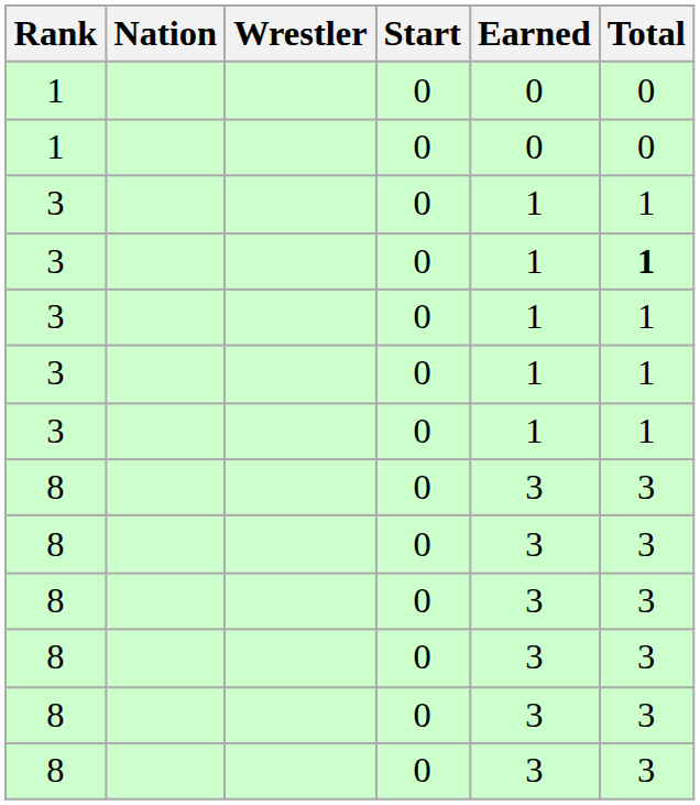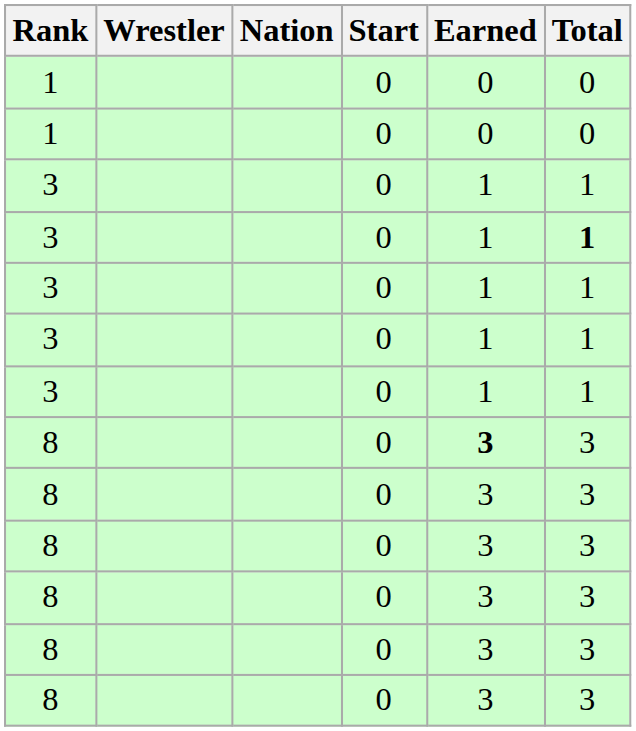 <table class="wikitable sortable" style="text-align:center;">
 <tr>
 <th>Rank</th>
+<th>Wrestler</th>
 <th>Nation</th>
-<th>Wrestler</th>
 <th>Start</th>
 <th>Earned</th>
 <th>Total</th>
 </tr>
 <tr style="background:#cfc;">
 <td>1</td>
 <td align=left></td>
 <td align=left></td>
 <td>0</td>
 <td>0</td>
 <td>0</td>
 </tr>
 <tr style="background:#cfc;">
 <td>1</td>
 <td align=left></td>
 <td align=left></td>
 <td>0</td>
 <td>0</td>
 <td>0</td>
 </tr>
 <tr style="background:#cfc;">
 <td>3</td>
 <td align=left></td>
 <td align=left></td>
 <td>0</td>
 <td>1</td>
 <td>1</td>
 </tr>
 <tr style="background:#cfc;">
 <td>3</td>
 <td align=left></td>
 <td align=left></td>
 <td>0</td>
 <td>1</td>
 <td><strong>1</strong></td>
 </tr>
 <tr style="background:#cfc;">
 <td>3</td>
 <td align=left></td>
 <td align=left></td>
 <td>0</td>
 <td>1</td>
 <td>1</td>
 </tr>
 <tr style="background:#cfc;">
 <td>3</td>
 <td align=left></td>
 <td align=left></td>
 <td>0</td>
 <td>1</td>
 <td>1</td>
 </tr>
 <tr style="background:#cfc;">
 <td>3</td>
 <td align=left></td>
 <td align=left></td>
 <td>0</td>
 <td>1</td>
 <td>1</td>
 </tr>
 <tr style="background:#cfc;">
 <td>8</td>
 <td align=left></td>
 <td align=left></td>
 <td>0</td>
-<td>3</td>
+<td><strong>3</strong></td>
 <td>3</td>
 </tr>
 <tr style="background:#cfc;">
 <td>8</td>
 <td align=left></td>
 <td align=left></td>
 <td>0</td>
 <td>3</td>
 <td>3</td>
 </tr>
 <tr style="background:#cfc;">
 <td>8</td>
 <td align=left></td>
 <td align=left></td>
 <td>0</td>
 <td>3</td>
 <td>3</td>
 </tr>
 <tr style="background:#cfc;">
 <td>8</td>
 <td align=left></td>
 <td align=left></td>
 <td>0</td>
 <td>3</td>
 <td>3</td>
 </tr>
 <tr style="background:#cfc;">
 <td>8</td>
 <td align=left></td>
 <td align=left></td>
 <td>0</td>
 <td>3</td>
 <td>3</td>
 </tr>
 <tr style="background:#cfc;">
 <td>8</td>
 <td align=left></td>
 <td align=left></td>
 <td>0</td>
 <td>3</td>
 <td>3</td>
 </tr>
 </table>
